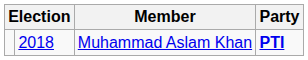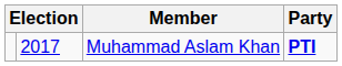 <table class="wikitable">
 <tr>
 <th colspan="2">Election</th>
 <th>Member</th>
 <th>Party</th>
 </tr>
 <tr>
 <td style="background-color: "></td>
-<td><a href='#'>2018</a></td>
+<td><a href='#'>2017</a></td>
 <td><a href='#'>Muhammad Aslam Khan</a></td>
 <td><strong><a href='#'>PTI</a></strong></td>
 </tr>
 </table>
